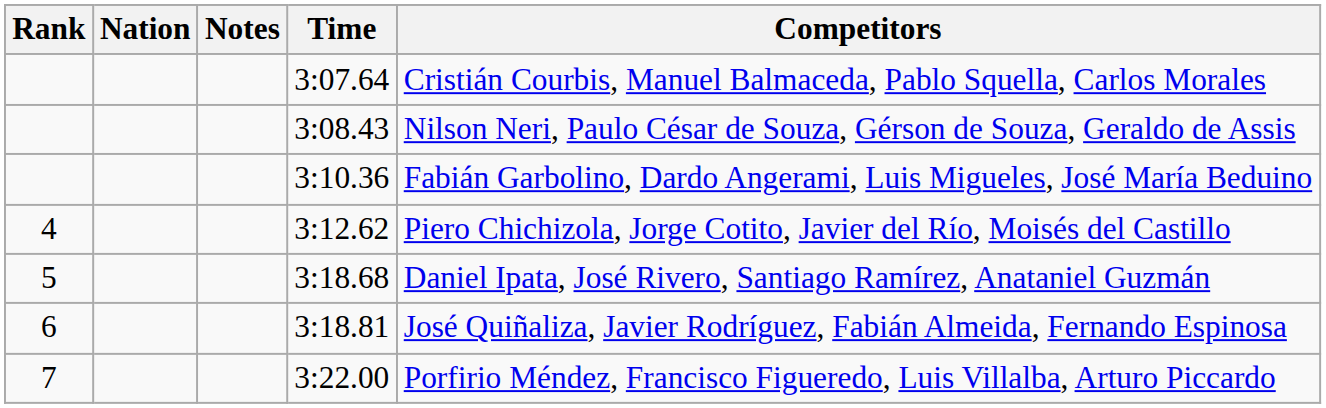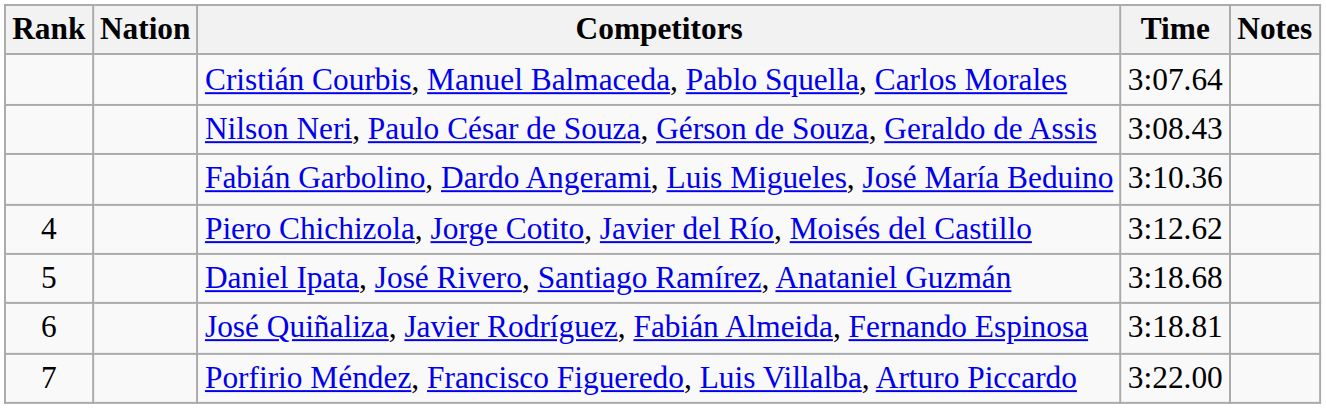 <table class="wikitable sortable" style="text-align:center">
 <tr>
 <th>Rank</th>
 <th>Nation</th>
+<th>Competitors</th>
+<th>Time</th>
 <th>Notes</th>
-<th>Time</th>
-<th>Competitors</th>
 </tr>
 <tr>
 <td></td>
 <td align=left></td>
+<td align=left><a href='#'>Cristián Courbis</a>, <a href='#'>Manuel Balmaceda</a>, <a href='#'>Pablo Squella</a>, <a href='#'>Carlos Morales</a></td>
+<td>3:07.64</td>
 <td></td>
-<td>3:07.64</td>
-<td align=left><a href='#'>Cristián Courbis</a>, <a href='#'>Manuel Balmaceda</a>, <a href='#'>Pablo Squella</a>, <a href='#'>Carlos Morales</a></td>
 </tr>
 <tr>
 <td></td>
 <td align=left></td>
+<td align=left><a href='#'>Nilson Neri</a>, <a href='#'>Paulo César de Souza</a>, <a href='#'>Gérson de Souza</a>, <a href='#'>Geraldo de Assis</a></td>
+<td>3:08.43</td>
 <td></td>
-<td>3:08.43</td>
-<td align=left><a href='#'>Nilson Neri</a>, <a href='#'>Paulo César de Souza</a>, <a href='#'>Gérson de Souza</a>, <a href='#'>Geraldo de Assis</a></td>
 </tr>
 <tr>
 <td></td>
 <td align=left></td>
+<td align=left><a href='#'>Fabián Garbolino</a>, <a href='#'>Dardo Angerami</a>, <a href='#'>Luis Migueles</a>, <a href='#'>José María Beduino</a></td>
+<td>3:10.36</td>
 <td></td>
-<td>3:10.36</td>
-<td align=left><a href='#'>Fabián Garbolino</a>, <a href='#'>Dardo Angerami</a>, <a href='#'>Luis Migueles</a>, <a href='#'>José María Beduino</a></td>
 </tr>
 <tr>
 <td>4</td>
 <td align=left></td>
+<td align=left><a href='#'>Piero Chichizola</a>, <a href='#'>Jorge Cotito</a>, <a href='#'>Javier del Río</a>, <a href='#'>Moisés del Castillo</a></td>
+<td>3:12.62</td>
 <td></td>
-<td>3:12.62</td>
-<td align=left><a href='#'>Piero Chichizola</a>, <a href='#'>Jorge Cotito</a>, <a href='#'>Javier del Río</a>, <a href='#'>Moisés del Castillo</a></td>
 </tr>
 <tr>
 <td>5</td>
 <td align=left></td>
+<td align=left><a href='#'>Daniel Ipata</a>, <a href='#'>José Rivero</a>, <a href='#'>Santiago Ramírez</a>, <a href='#'>Anataniel Guzmán</a></td>
+<td>3:18.68</td>
 <td></td>
-<td>3:18.68</td>
-<td align=left><a href='#'>Daniel Ipata</a>, <a href='#'>José Rivero</a>, <a href='#'>Santiago Ramírez</a>, <a href='#'>Anataniel Guzmán</a></td>
 </tr>
 <tr>
 <td>6</td>
 <td align=left></td>
+<td align=left><a href='#'>José Quiñaliza</a>, <a href='#'>Javier Rodríguez</a>, <a href='#'>Fabián Almeida</a>, <a href='#'>Fernando Espinosa</a></td>
+<td>3:18.81</td>
 <td></td>
-<td>3:18.81</td>
-<td align=left><a href='#'>José Quiñaliza</a>, <a href='#'>Javier Rodríguez</a>, <a href='#'>Fabián Almeida</a>, <a href='#'>Fernando Espinosa</a></td>
 </tr>
 <tr>
 <td>7</td>
 <td align=left></td>
+<td align=left><a href='#'>Porfirio Méndez</a>, <a href='#'>Francisco Figueredo</a>, <a href='#'>Luis Villalba</a>, <a href='#'>Arturo Piccardo</a></td>
+<td>3:22.00</td>
 <td></td>
-<td>3:22.00</td>
-<td align=left><a href='#'>Porfirio Méndez</a>, <a href='#'>Francisco Figueredo</a>, <a href='#'>Luis Villalba</a>, <a href='#'>Arturo Piccardo</a></td>
 </tr>
 </table>
